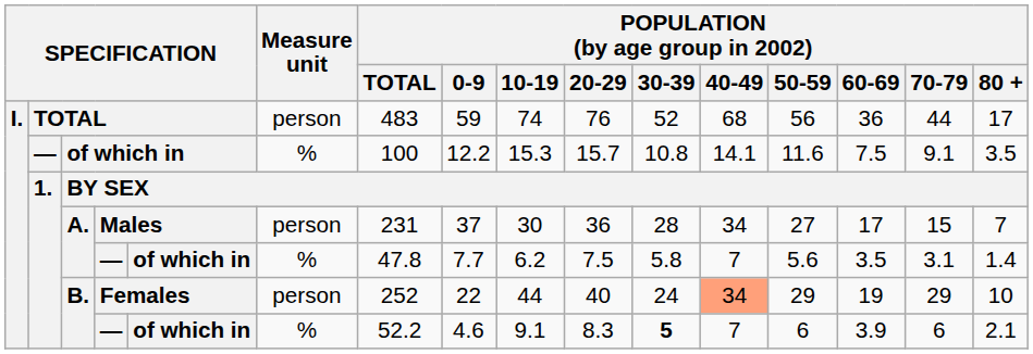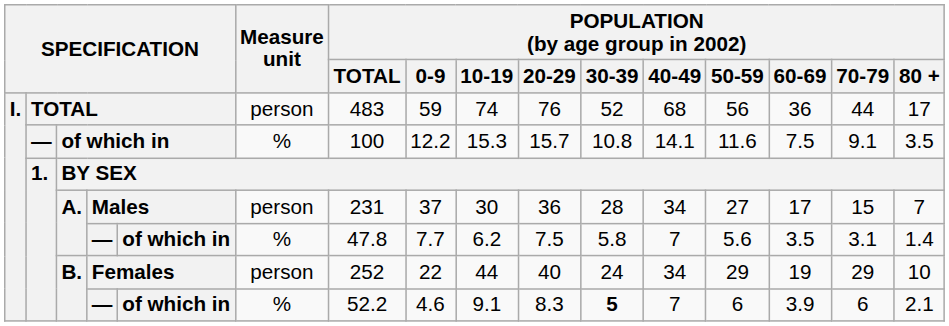 <table class="wikitable" style="font-size:85%; text-align:center">
 <tr>
 <th rowspan="2" colspan="5">SPECIFICATION</th>
 <th rowspan="2">Measure<br> unit</th>
 <th colspan="10" rowspan="1">POPULATION<br> (by age group in 2002)</th>
 </tr>
 <tr>
 <th>TOTAL</th>
 <th>0-9</th>
 <th>10-19</th>
 <th>20-29</th>
 <th>30-39</th>
 <th>40-49</th>
 <th>50-59</th>
 <th>60-69</th>
 <th>70-79</th>
 <th>80 +</th>
 </tr>
 <tr>
 <th style="text-align:left" valign="top" rowspan="7">I.</th>
 <th style="text-align:left" colspan="4">TOTAL</th>
 <td>person</td>
 <td>483</td>
 <td>59</td>
 <td>74</td>
 <td>76</td>
 <td>52</td>
 <td>68</td>
 <td>56</td>
 <td>36</td>
 <td>44</td>
 <td>17</td>
 </tr>
 <tr>
 <th style="text-align:left" valign="top">—</th>
 <th style="text-align:left" colspan="3">of which in</th>
 <td>%</td>
 <td>100</td>
 <td>12.2</td>
 <td>15.3</td>
 <td>15.7</td>
 <td>10.8</td>
 <td>14.1</td>
 <td>11.6</td>
 <td>7.5</td>
 <td>9.1</td>
 <td>3.5</td>
 </tr>
 <tr>
 <th style="text-align:left" valign="top" rowspan="5">1.</th>
 <th style="text-align:left" colspan="14">BY SEX</th>
 </tr>
 <tr>
 <th style="text-align:left" valign="top" rowspan="2">A.</th>
 <th style="text-align:left" colspan="2">Males</th>
 <td>person</td>
 <td>231</td>
 <td>37</td>
 <td>30</td>
 <td>36</td>
 <td>28</td>
 <td>34</td>
 <td>27</td>
 <td>17</td>
 <td>15</td>
 <td>7</td>
 </tr>
 <tr>
 <th style="text-align:left" valign="top">—</th>
 <th style="text-align:left" colspan="1">of which in</th>
 <td>%</td>
 <td>47.8</td>
 <td>7.7</td>
 <td>6.2</td>
 <td>7.5</td>
 <td>5.8</td>
 <td>7</td>
 <td>5.6</td>
 <td>3.5</td>
 <td>3.1</td>
 <td>1.4</td>
 </tr>
 <tr>
 <th style="text-align:left" valign="top" rowspan="2">B.</th>
 <th style="text-align:left" colspan="2">Females</th>
 <td>person</td>
 <td>252</td>
 <td>22</td>
 <td>44</td>
 <td>40</td>
 <td>24</td>
-<td style="background: lightsalmon;">34</td>
+<td>34</td>
 <td>29</td>
 <td>19</td>
 <td>29</td>
 <td>10</td>
 </tr>
 <tr>
 <th style="text-align:left" valign="top">—</th>
 <th style="text-align:left" colspan="1">of which in</th>
 <td>%</td>
 <td>52.2</td>
 <td>4.6</td>
 <td>9.1</td>
 <td>8.3</td>
 <td><strong>5</strong></td>
 <td>7</td>
 <td>6</td>
 <td>3.9</td>
 <td>6</td>
 <td>2.1</td>
 </tr>
 </table>
